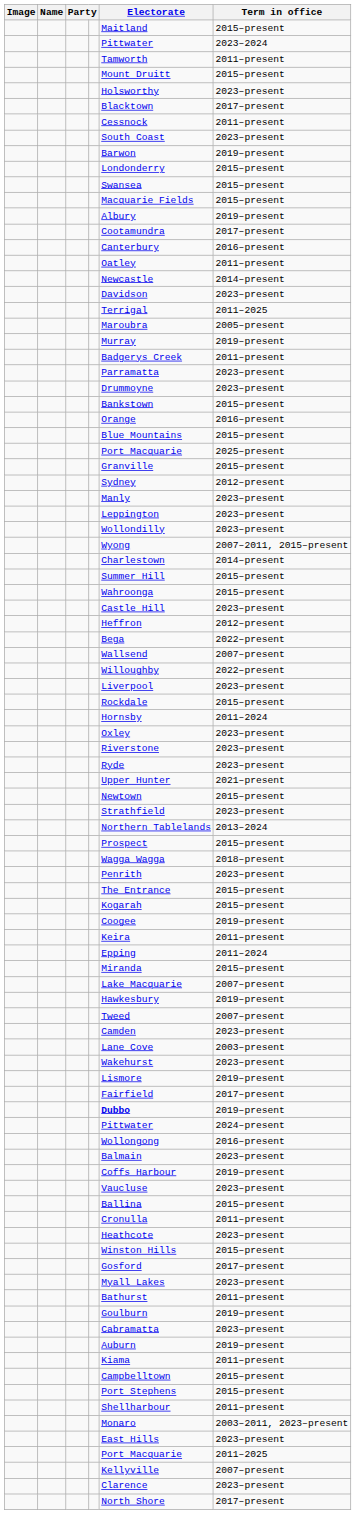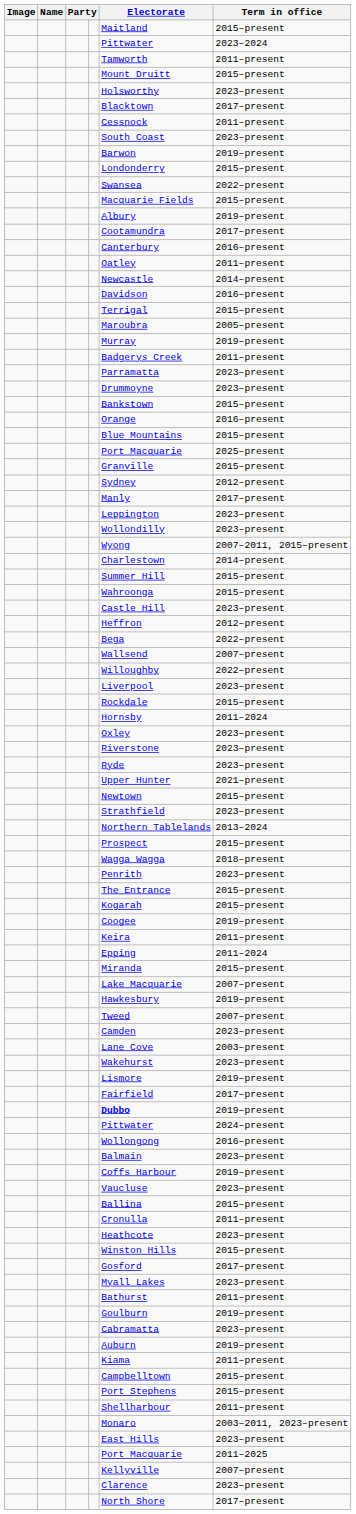 <table class="wikitable sortable">
 <tr>
 <th><strong>Image</strong></th>
 <th><strong>Name</strong></th>
 <th colspan="3"><strong>Party</strong></th>
 <th><strong><a href='#'>Electorate</a></strong></th>
 <th><strong>Term in office</strong></th>
 </tr>
 <tr>
 <td></td>
 <td></td>
 <td> </td>
 <td colspan="2"></td>
 <td><a href='#'>Maitland</a></td>
 <td>2015–present</td>
 </tr>
 <tr>
 <td></td>
 <td> </td>
 <td> </td>
 <td colspan="2"></td>
 <td><a href='#'>Pittwater</a></td>
 <td>2023–2024</td>
 </tr>
 <tr>
 <td></td>
 <td></td>
 <td> </td>
 <td colspan="2"></td>
 <td><a href='#'>Tamworth</a></td>
 <td>2011–present</td>
 </tr>
 <tr>
 <td></td>
 <td></td>
 <td> </td>
 <td colspan="2"></td>
 <td><a href='#'>Mount Druitt</a></td>
 <td>2015–present</td>
 </tr>
 <tr>
 <td></td>
 <td></td>
 <td> </td>
 <td colspan="2"></td>
 <td><a href='#'>Holsworthy</a></td>
 <td>2023–present</td>
 </tr>
 <tr>
 <td></td>
 <td></td>
 <td> </td>
 <td colspan="2"></td>
 <td><a href='#'>Blacktown</a></td>
 <td>2017–present</td>
 </tr>
 <tr>
 <td></td>
 <td></td>
 <td> </td>
 <td colspan="2"></td>
 <td><a href='#'>Cessnock</a></td>
 <td>2011–present</td>
 </tr>
 <tr>
 <td></td>
 <td></td>
 <td> </td>
 <td colspan="2"></td>
 <td><a href='#'>South Coast</a></td>
 <td>2023–present</td>
 </tr>
 <tr>
 <td></td>
 <td></td>
 <td> </td>
 <td colspan="2"></td>
 <td><a href='#'>Barwon</a></td>
 <td>2019–present</td>
 </tr>
 <tr>
 <td></td>
 <td></td>
 <td> </td>
 <td colspan="2"></td>
 <td><a href='#'>Londonderry</a></td>
 <td>2015–present</td>
 </tr>
 <tr>
 <td></td>
 <td></td>
 <td> </td>
 <td colspan="2"></td>
 <td><a href='#'>Swansea</a></td>
-<td>2015–present</td>
+<td>2022–present</td>
 </tr>
 <tr>
 <td></td>
 <td></td>
 <td> </td>
 <td colspan="2"></td>
 <td><a href='#'>Macquarie Fields</a></td>
 <td>2015–present</td>
 </tr>
 <tr>
 <td></td>
 <td></td>
 <td> </td>
 <td colspan="2"></td>
 <td><a href='#'>Albury</a></td>
 <td>2019–present</td>
 </tr>
 <tr>
 <td></td>
 <td></td>
 <td> </td>
 <td colspan="2"></td>
 <td><a href='#'>Cootamundra</a></td>
 <td>2017–present</td>
 </tr>
 <tr>
 <td></td>
 <td></td>
 <td> </td>
 <td colspan="2"></td>
 <td><a href='#'>Canterbury</a></td>
 <td>2016–present</td>
 </tr>
 <tr>
 <td></td>
 <td></td>
 <td> </td>
 <td colspan="2"></td>
 <td><a href='#'>Oatley</a></td>
 <td>2011–present</td>
 </tr>
 <tr>
 <td></td>
 <td></td>
 <td> </td>
 <td colspan="2"></td>
 <td><a href='#'>Newcastle</a></td>
 <td>2014–present</td>
 </tr>
 <tr>
 <td></td>
 <td></td>
 <td> </td>
 <td colspan="2"></td>
 <td><a href='#'>Davidson</a></td>
-<td>2023–present</td>
+<td>2016–present</td>
 </tr>
 <tr>
 <td></td>
 <td></td>
 <td> </td>
 <td colspan="2"></td>
 <td><a href='#'>Terrigal</a></td>
-<td>2011–2025</td>
+<td>2015–present</td>
 </tr>
 <tr>
 <td></td>
 <td></td>
 <td> </td>
 <td colspan="2"></td>
 <td><a href='#'>Maroubra</a></td>
 <td>2005–present</td>
 </tr>
 <tr>
 <td></td>
 <td></td>
 <td> </td>
 <td colspan="2"></td>
 <td><a href='#'>Murray</a></td>
 <td>2019–present</td>
 </tr>
 <tr>
 <td></td>
 <td></td>
 <td> </td>
 <td colspan="2"></td>
 <td><a href='#'>Badgerys Creek</a></td>
 <td>2011–present</td>
 </tr>
 <tr>
 <td></td>
 <td></td>
 <td> </td>
 <td colspan="2"></td>
 <td><a href='#'>Parramatta</a></td>
 <td>2023–present</td>
 </tr>
 <tr>
 <td></td>
 <td></td>
 <td> </td>
 <td colspan="2"></td>
 <td><a href='#'>Drummoyne</a></td>
 <td>2023–present</td>
 </tr>
 <tr>
 <td></td>
 <td></td>
 <td> </td>
 <td colspan="2"></td>
 <td><a href='#'>Bankstown</a></td>
 <td>2015–present</td>
 </tr>
 <tr>
 <td></td>
 <td></td>
 <td> </td>
 <td colspan="2"></td>
 <td><a href='#'>Orange</a></td>
 <td>2016–present</td>
 </tr>
 <tr>
 <td></td>
 <td></td>
 <td> </td>
 <td colspan="2"></td>
 <td><a href='#'>Blue Mountains</a></td>
 <td>2015–present</td>
 </tr>
 <tr>
 <td></td>
 <td></td>
 <td> </td>
 <td colspan="2"></td>
 <td><a href='#'>Port Macquarie</a></td>
 <td>2025–present</td>
 </tr>
 <tr>
 <td></td>
 <td></td>
 <td> </td>
 <td colspan="2"></td>
 <td><a href='#'>Granville</a></td>
 <td>2015–present</td>
 </tr>
 <tr>
 <td></td>
 <td></td>
 <td> </td>
 <td colspan="2"></td>
 <td><a href='#'>Sydney</a></td>
 <td>2012–present</td>
 </tr>
 <tr>
 <td></td>
 <td></td>
 <td> </td>
 <td colspan="2"></td>
 <td><a href='#'>Manly</a></td>
-<td>2023–present</td>
+<td>2017–present</td>
 </tr>
 <tr>
 <td></td>
 <td></td>
 <td> </td>
 <td colspan="2"></td>
 <td><a href='#'>Leppington</a></td>
 <td>2023–present</td>
 </tr>
 <tr>
 <td></td>
 <td></td>
 <td> </td>
 <td colspan="2"></td>
 <td><a href='#'>Wollondilly</a></td>
 <td>2023–present</td>
 </tr>
 <tr>
 <td></td>
 <td></td>
 <td> </td>
 <td colspan="2"></td>
 <td><a href='#'>Wyong</a></td>
 <td>2007–2011, 2015–present</td>
 </tr>
 <tr>
 <td></td>
 <td></td>
 <td> </td>
 <td colspan="2"></td>
 <td><a href='#'>Charlestown</a></td>
 <td>2014–present</td>
 </tr>
 <tr>
 <td></td>
 <td></td>
 <td> </td>
 <td colspan="2"></td>
 <td><a href='#'>Summer Hill</a></td>
 <td>2015–present</td>
 </tr>
 <tr>
 <td></td>
 <td></td>
 <td> </td>
 <td colspan="2"></td>
 <td><a href='#'>Wahroonga</a></td>
 <td>2015–present</td>
 </tr>
 <tr>
 <td></td>
 <td></td>
 <td> </td>
 <td colspan="2"></td>
 <td><a href='#'>Castle Hill</a></td>
 <td>2023–present</td>
 </tr>
 <tr>
 <td></td>
 <td></td>
 <td> </td>
 <td colspan="2"></td>
 <td><a href='#'>Heffron</a></td>
 <td>2012–present</td>
 </tr>
 <tr>
 <td></td>
 <td></td>
 <td> </td>
 <td colspan="2"></td>
 <td><a href='#'>Bega</a></td>
 <td>2022–present</td>
 </tr>
 <tr>
 <td></td>
 <td></td>
 <td> </td>
 <td colspan="2"></td>
 <td><a href='#'>Wallsend</a></td>
 <td>2007–present</td>
 </tr>
 <tr>
 <td></td>
 <td></td>
 <td> </td>
 <td colspan="2"></td>
 <td><a href='#'>Willoughby</a></td>
 <td>2022–present</td>
 </tr>
 <tr>
 <td></td>
 <td></td>
 <td> </td>
 <td colspan="2"></td>
 <td><a href='#'>Liverpool</a></td>
 <td>2023–present</td>
 </tr>
 <tr>
 <td></td>
 <td></td>
 <td> </td>
 <td colspan="2"></td>
 <td><a href='#'>Rockdale</a></td>
 <td>2015–present</td>
 </tr>
 <tr>
 <td></td>
 <td></td>
 <td> </td>
 <td colspan="2"></td>
 <td><a href='#'>Hornsby</a></td>
 <td>2011–2024</td>
 </tr>
 <tr>
 <td></td>
 <td></td>
 <td> </td>
 <td colspan="2"></td>
 <td><a href='#'>Oxley</a></td>
 <td>2023–present</td>
 </tr>
 <tr>
 <td></td>
 <td></td>
 <td> </td>
 <td colspan="2"></td>
 <td><a href='#'>Riverstone</a></td>
 <td>2023–present</td>
 </tr>
 <tr>
 <td></td>
 <td></td>
 <td> </td>
 <td colspan="2"></td>
 <td><a href='#'>Ryde</a></td>
 <td>2023–present</td>
 </tr>
 <tr>
 <td></td>
 <td></td>
 <td> </td>
 <td colspan="2"></td>
 <td><a href='#'>Upper Hunter</a></td>
 <td>2021–present</td>
 </tr>
 <tr>
 <td></td>
 <td></td>
 <td> </td>
 <td colspan="2"></td>
 <td><a href='#'>Newtown</a></td>
 <td>2015–present</td>
 </tr>
 <tr>
 <td></td>
 <td></td>
 <td> </td>
 <td colspan="2"></td>
 <td><a href='#'>Strathfield</a></td>
 <td>2023–present</td>
 </tr>
 <tr>
 <td></td>
 <td></td>
 <td> </td>
 <td colspan="2"></td>
 <td><a href='#'>Northern Tablelands</a></td>
 <td>2013–2024</td>
 </tr>
 <tr>
 <td></td>
 <td></td>
 <td> </td>
 <td colspan="2"></td>
 <td><a href='#'>Prospect</a></td>
 <td>2015–present</td>
 </tr>
 <tr>
 <td></td>
 <td></td>
 <td> </td>
 <td colspan="2"></td>
 <td><a href='#'>Wagga Wagga</a></td>
 <td>2018–present</td>
 </tr>
 <tr>
 <td></td>
 <td></td>
 <td> </td>
 <td colspan="2"></td>
 <td><a href='#'>Penrith</a></td>
 <td>2023–present</td>
 </tr>
 <tr>
 <td></td>
 <td></td>
 <td> </td>
 <td colspan="2"></td>
 <td><a href='#'>The Entrance</a></td>
 <td>2015–present</td>
 </tr>
 <tr>
 <td></td>
 <td></td>
 <td> </td>
 <td colspan="2"></td>
 <td><a href='#'>Kogarah</a></td>
 <td>2015–present</td>
 </tr>
 <tr>
 <td></td>
 <td></td>
 <td> </td>
 <td colspan="2"></td>
 <td><a href='#'>Coogee</a></td>
 <td>2019–present</td>
 </tr>
 <tr>
 <td></td>
 <td></td>
 <td> </td>
 <td colspan="2"></td>
 <td><a href='#'>Keira</a></td>
 <td>2011–present</td>
 </tr>
 <tr>
 <td></td>
 <td></td>
 <td> </td>
 <td colspan="2"></td>
 <td><a href='#'>Epping</a></td>
 <td>2011–2024</td>
 </tr>
 <tr>
 <td></td>
 <td></td>
 <td> </td>
 <td colspan="2"></td>
 <td><a href='#'>Miranda</a></td>
 <td>2015–present</td>
 </tr>
 <tr>
 <td></td>
 <td></td>
 <td> </td>
 <td colspan="2"></td>
 <td><a href='#'>Lake Macquarie</a></td>
 <td>2007–present</td>
 </tr>
 <tr>
 <td></td>
 <td></td>
 <td> </td>
 <td colspan="2"></td>
 <td><a href='#'>Hawkesbury</a></td>
 <td>2019–present</td>
 </tr>
 <tr>
 <td></td>
 <td></td>
 <td> </td>
 <td colspan="2"></td>
 <td><a href='#'>Tweed</a></td>
 <td>2007–present</td>
 </tr>
 <tr>
 <td></td>
 <td></td>
 <td> </td>
 <td colspan="2"></td>
 <td><a href='#'>Camden</a></td>
 <td>2023–present</td>
 </tr>
 <tr>
 <td></td>
 <td></td>
 <td> </td>
 <td colspan="2"></td>
 <td><a href='#'>Lane Cove</a></td>
 <td>2003–present</td>
 </tr>
 <tr>
 <td></td>
 <td></td>
 <td> </td>
 <td colspan="2"></td>
 <td><a href='#'>Wakehurst</a></td>
 <td>2023–present</td>
 </tr>
 <tr>
 <td></td>
 <td></td>
 <td> </td>
 <td colspan="2"></td>
 <td><a href='#'>Lismore</a></td>
 <td>2019–present</td>
 </tr>
 <tr>
 <td></td>
 <td></td>
 <td> </td>
 <td colspan="2"></td>
 <td><a href='#'>Fairfield</a></td>
 <td>2017–present</td>
 </tr>
 <tr>
 <td></td>
 <td></td>
 <td> </td>
 <td colspan="2"></td>
 <td><strong><a href='#'>Dubbo</a></strong></td>
 <td>2019–present</td>
 </tr>
 <tr>
 <td></td>
 <td> </td>
 <td> </td>
 <td colspan="2"></td>
 <td><a href='#'>Pittwater</a></td>
 <td>2024–present</td>
 </tr>
 <tr>
 <td></td>
 <td></td>
 <td> </td>
 <td colspan="2"></td>
 <td><a href='#'>Wollongong</a></td>
 <td>2016–present</td>
 </tr>
 <tr>
 <td></td>
 <td></td>
 <td> </td>
 <td colspan="2"></td>
 <td><a href='#'>Balmain</a></td>
 <td>2023–present</td>
 </tr>
 <tr>
 <td></td>
 <td></td>
 <td> </td>
 <td colspan="2"></td>
 <td><a href='#'>Coffs Harbour</a></td>
 <td>2019–present</td>
 </tr>
 <tr>
 <td></td>
 <td></td>
 <td> </td>
 <td colspan="2"></td>
 <td><a href='#'>Vaucluse</a></td>
 <td>2023–present</td>
 </tr>
 <tr>
 <td></td>
 <td></td>
 <td> </td>
 <td colspan="2"></td>
 <td><a href='#'>Ballina</a></td>
 <td>2015–present</td>
 </tr>
 <tr>
 <td></td>
 <td></td>
 <td> </td>
 <td colspan="2"></td>
 <td><a href='#'>Cronulla</a></td>
 <td>2011–present</td>
 </tr>
 <tr>
 <td></td>
 <td></td>
 <td> </td>
 <td colspan="2"></td>
 <td><a href='#'>Heathcote</a></td>
 <td>2023–present</td>
 </tr>
 <tr>
 <td></td>
 <td></td>
 <td> </td>
 <td colspan="2"></td>
 <td><a href='#'>Winston Hills</a></td>
 <td>2015–present</td>
 </tr>
 <tr>
 <td></td>
 <td></td>
 <td> </td>
 <td colspan="2"></td>
 <td><a href='#'>Gosford</a></td>
 <td>2017–present</td>
 </tr>
 <tr>
 <td></td>
 <td></td>
 <td> </td>
 <td colspan="2"></td>
 <td><a href='#'>Myall Lakes</a></td>
 <td>2023–present</td>
 </tr>
 <tr>
 <td></td>
 <td></td>
 <td> </td>
 <td colspan="2"></td>
 <td><a href='#'>Bathurst</a></td>
 <td>2011–present</td>
 </tr>
 <tr>
 <td></td>
 <td></td>
 <td> </td>
 <td colspan="2"></td>
 <td><a href='#'>Goulburn</a></td>
 <td>2019–present</td>
 </tr>
 <tr>
 <td></td>
 <td></td>
 <td> </td>
 <td colspan="2"></td>
 <td><a href='#'>Cabramatta</a></td>
 <td>2023–present</td>
 </tr>
 <tr>
 <td></td>
 <td></td>
 <td> </td>
 <td colspan="2"></td>
 <td><a href='#'>Auburn</a></td>
 <td>2019–present</td>
 </tr>
 <tr>
 <td></td>
 <td></td>
 <td> </td>
 <td colspan="2"></td>
 <td><a href='#'>Kiama</a></td>
 <td>2011–present</td>
 </tr>
 <tr>
 <td></td>
 <td></td>
 <td> </td>
 <td colspan="2"></td>
 <td><a href='#'>Campbelltown</a></td>
 <td>2015–present</td>
 </tr>
 <tr>
 <td></td>
 <td></td>
 <td> </td>
 <td colspan="2"></td>
 <td><a href='#'>Port Stephens</a></td>
 <td>2015–present</td>
 </tr>
 <tr>
 <td></td>
 <td></td>
 <td> </td>
 <td colspan="2"></td>
 <td><a href='#'>Shellharbour</a></td>
 <td>2011–present</td>
 </tr>
 <tr>
 <td></td>
 <td></td>
 <td> </td>
 <td colspan="2"></td>
 <td><a href='#'>Monaro</a></td>
 <td>2003–2011, 2023–present</td>
 </tr>
 <tr>
 <td></td>
 <td></td>
 <td> </td>
 <td colspan="2"></td>
 <td><a href='#'>East Hills</a></td>
 <td>2023–present</td>
 </tr>
 <tr>
 <td></td>
 <td></td>
 <td> </td>
 <td colspan="2"></td>
 <td><a href='#'>Port Macquarie</a></td>
 <td>2011–2025</td>
 </tr>
 <tr>
 <td></td>
 <td></td>
 <td> </td>
 <td colspan="2"></td>
 <td><a href='#'>Kellyville</a></td>
 <td>2007–present</td>
 </tr>
 <tr>
 <td></td>
 <td></td>
 <td> </td>
 <td colspan="2"></td>
 <td><a href='#'>Clarence</a></td>
 <td>2023–present</td>
 </tr>
 <tr>
 <td></td>
 <td></td>
 <td> </td>
 <td colspan="2"></td>
 <td><a href='#'>North Shore</a></td>
 <td>2017–present</td>
 </tr>
 </table>
